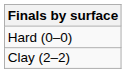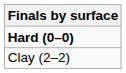 <table class=wikitable style=font-size:90%>
 <tr>
 <th>Finals by surface</th>
 </tr>
 <tr>
-<td>Hard (0–0)</td>
+<td><strong>Hard (0–0)</strong></td>
 </tr>
 <tr>
 <td>Clay (2–2)</td>
 </tr>
 </table>
